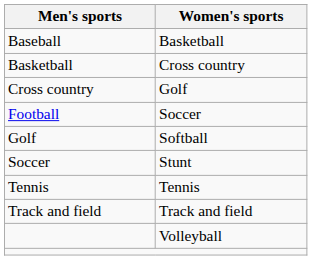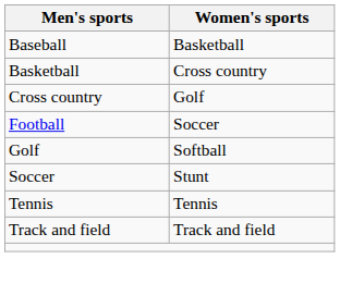 <table class="wikitable" style=" ">
 <tr>
 <th width=150px>Men's sports</th>
 <th width=150px>Women's sports</th>
 </tr>
 <tr>
 <td>Baseball</td>
 <td>Basketball</td>
 </tr>
 <tr>
 <td>Basketball</td>
 <td>Cross country</td>
 </tr>
 <tr>
 <td>Cross country</td>
 <td>Golf</td>
 </tr>
 <tr>
 <td><a href='#'>Football</a></td>
 <td>Soccer</td>
 </tr>
 <tr>
 <td>Golf</td>
 <td>Softball</td>
 </tr>
 <tr>
 <td>Soccer</td>
 <td>Stunt</td>
 </tr>
 <tr>
 <td>Tennis</td>
 <td>Tennis</td>
 </tr>
 <tr>
 <td>Track and field</td>
 <td>Track and field</td>
 </tr>
 <tr>
-<td></td>
-<td>Volleyball</td>
-</tr>
-<tr>
 <td colspan="2"></td>
 </tr>
 </table>
